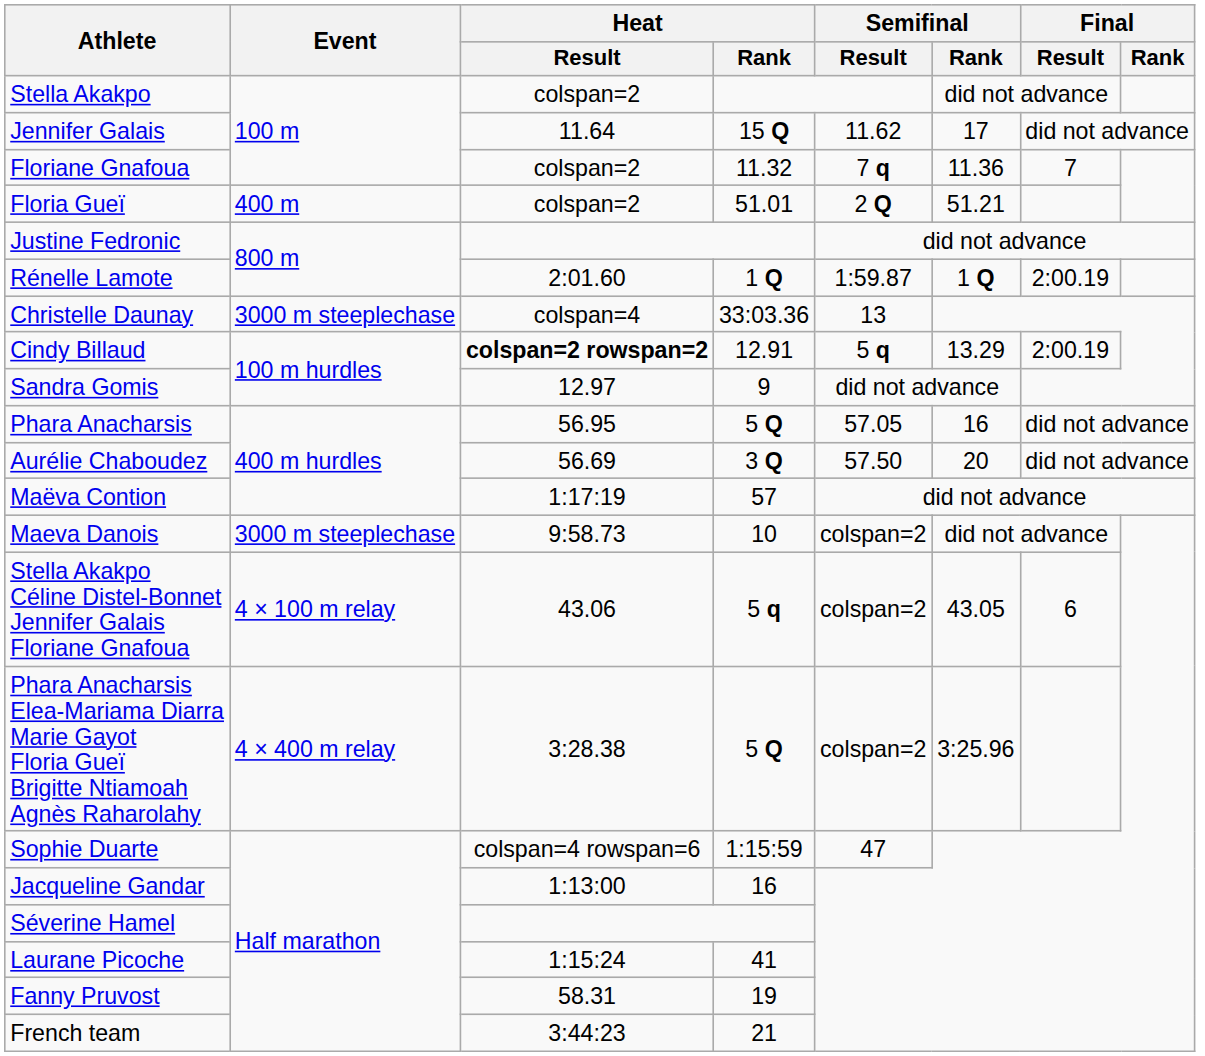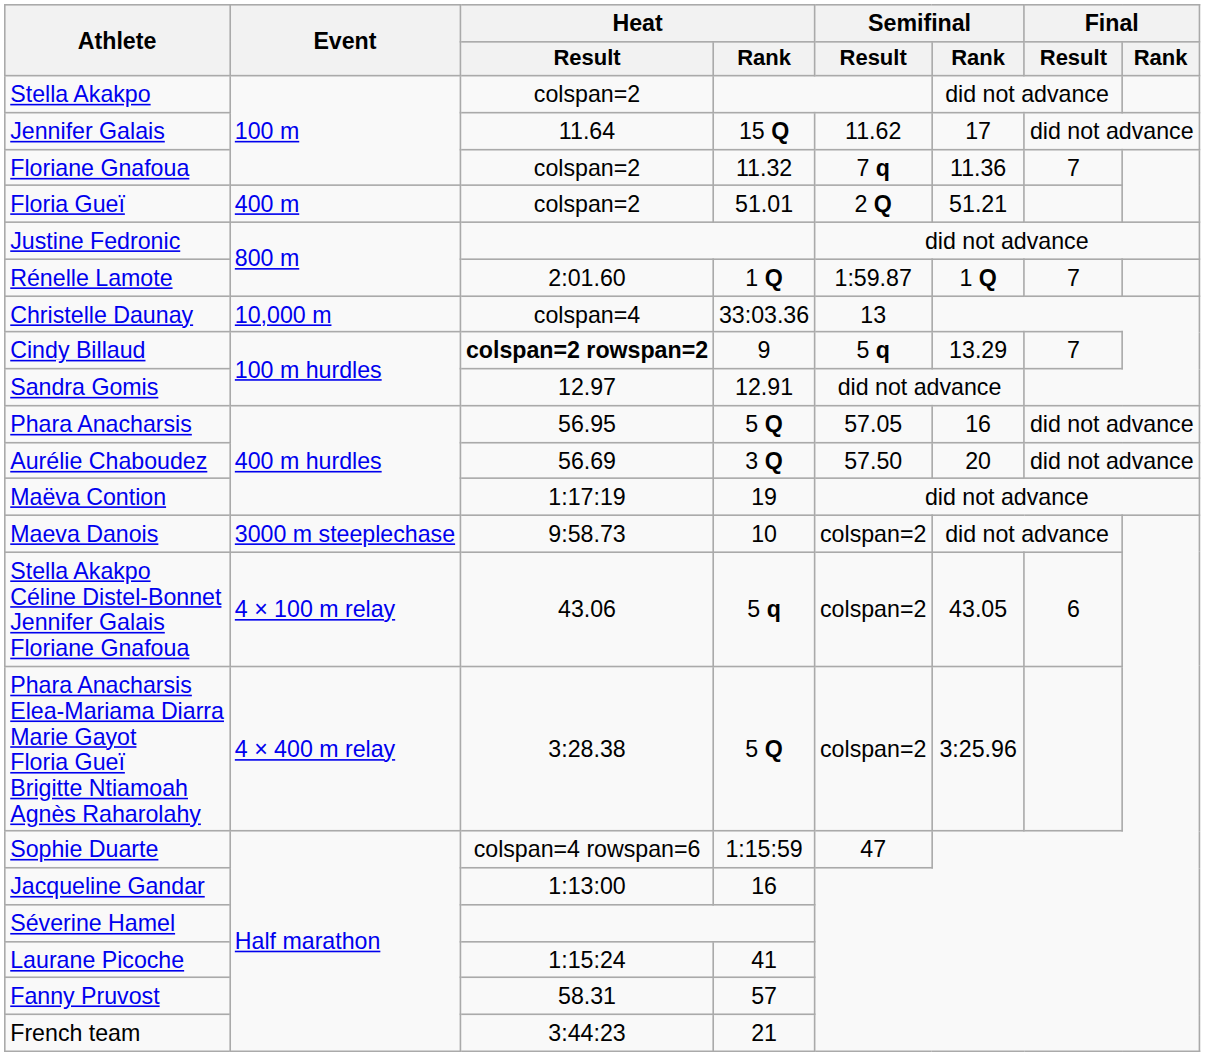 <table class="wikitable" style="font-size:90%">
 <tr>
 <th rowspan=2>Athlete</th>
 <th rowspan=2>Event</th>
 <th colspan=2>Heat</th>
 <th colspan=2>Semifinal</th>
 <th colspan=2>Final</th>
 </tr>
 <tr style="font-size:95%">
 <th>Result</th>
 <th>Rank</th>
 <th>Result</th>
 <th>Rank</th>
 <th>Result</th>
 <th>Rank</th>
 </tr>
 <tr align=center>
 <td align=left><a href='#'>Stella Akakpo</a></td>
 <td style="text-align:left;" rowspan=3><a href='#'>100 m</a></td>
 <td>colspan=2 </td>
 <td colspan=2></td>
 <td colspan=2>did not advance</td>
 </tr>
 <tr align=center>
 <td align=left><a href='#'>Jennifer Galais</a></td>
 <td>11.64</td>
 <td>15 <strong>Q</strong></td>
 <td>11.62</td>
 <td>17</td>
 <td colspan=2>did not advance</td>
 </tr>
 <tr align=center>
 <td align=left><a href='#'>Floriane Gnafoua</a></td>
 <td>colspan=2 </td>
 <td>11.32</td>
 <td>7 <strong>q</strong></td>
 <td>11.36</td>
 <td>7</td>
 </tr>
 <tr align=center>
 <td align=left><a href='#'>Floria Gueï</a></td>
 <td style="text-align:left;"><a href='#'>400 m</a></td>
 <td>colspan=2 </td>
 <td>51.01</td>
 <td>2 <strong>Q</strong></td>
 <td>51.21</td>
 <td></td>
 </tr>
 <tr align=center>
 <td align=left><a href='#'>Justine Fedronic</a></td>
 <td style="text-align:left;" rowspan=2><a href='#'>800 m</a></td>
 <td colspan=2></td>
 <td colspan=4>did not advance</td>
 </tr>
 <tr align=center>
 <td align=left><a href='#'>Rénelle Lamote</a></td>
 <td>2:01.60</td>
 <td>1 <strong>Q</strong></td>
 <td>1:59.87</td>
 <td>1 <strong>Q</strong></td>
-<td>2:00.19</td>
+<td>7</td>
 <td></td>
 </tr>
 <tr align=center>
 <td align=left><a href='#'>Christelle Daunay</a></td>
-<td style="text-align:left;"><a href='#'>3000 m steeplechase</a></td>
+<td style="text-align:left;"><a href='#'>10,000 m</a></td>
 <td>colspan=4 </td>
 <td>33:03.36</td>
 <td>13</td>
 </tr>
 <tr align=center>
 <td align=left><a href='#'>Cindy Billaud</a></td>
 <td style="text-align:left;" rowspan=2><a href='#'>100 m hurdles</a></td>
 <td><strong>colspan=2 rowspan=2 </strong></td>
-<td>12.91</td>
+<td>9</td>
 <td>5 <strong>q</strong></td>
 <td>13.29</td>
-<td>2:00.19</td>
+<td>7</td>
 </tr>
 <tr align=center>
 <td align=left><a href='#'>Sandra Gomis</a></td>
 <td>12.97</td>
-<td>9</td>
+<td>12.91</td>
 <td colspan=2>did not advance</td>
 </tr>
 <tr align=center>
 <td align=left><a href='#'>Phara Anacharsis</a></td>
 <td style="text-align:left;" rowspan=3><a href='#'>400 m hurdles</a></td>
 <td>56.95</td>
 <td>5 <strong>Q</strong></td>
 <td>57.05</td>
 <td>16</td>
 <td colspan=2>did not advance</td>
 </tr>
 <tr align=center>
 <td align=left><a href='#'>Aurélie Chaboudez</a></td>
 <td>56.69</td>
 <td>3 <strong>Q</strong></td>
 <td>57.50</td>
 <td>20</td>
 <td colspan=2>did not advance</td>
 </tr>
 <tr align=center>
 <td align=left><a href='#'>Maëva Contion</a></td>
 <td>1:17:19</td>
-<td>57</td>
+<td>19</td>
 <td colspan=4>did not advance</td>
 </tr>
 <tr align=center>
 <td align=left><a href='#'>Maeva Danois</a></td>
 <td style="text-align:left;"><a href='#'>3000 m steeplechase</a></td>
 <td>9:58.73</td>
 <td>10</td>
 <td>colspan=2 </td>
 <td colspan=2>did not advance</td>
 </tr>
 <tr align=center>
 <td align=left><a href='#'>Stella Akakpo</a><br><a href='#'>Céline Distel-Bonnet</a><br><a href='#'>Jennifer Galais</a><br><a href='#'>Floriane Gnafoua</a></td>
 <td style="text-align:left;"><a href='#'>4 × 100 m relay</a></td>
 <td>43.06 <strong></strong></td>
 <td>5 <strong>q</strong></td>
 <td>colspan=2 </td>
 <td>43.05 <strong></strong></td>
 <td>6</td>
 </tr>
 <tr align=center>
 <td align=left><a href='#'>Phara Anacharsis</a> <br><a href='#'>Elea-Mariama Diarra</a> <br><a href='#'>Marie Gayot</a><br><a href='#'>Floria Gueï</a> <br><a href='#'>Brigitte Ntiamoah</a><br><a href='#'>Agnès Raharolahy</a> </td>
 <td style="text-align:left;"><a href='#'>4 × 400 m relay</a></td>
 <td>3:28.38 <strong></strong></td>
 <td>5 <strong>Q</strong></td>
 <td>colspan=2 </td>
 <td>3:25.96 <strong></strong></td>
 <td></td>
 </tr>
 <tr align=center>
 <td align=left><a href='#'>Sophie Duarte</a></td>
 <td style="text-align:left;" rowspan=6><a href='#'>Half marathon</a></td>
 <td>colspan=4 rowspan=6 </td>
 <td>1:15:59</td>
 <td>47</td>
 </tr>
 <tr align=center>
 <td align=left><a href='#'>Jacqueline Gandar</a></td>
 <td>1:13:00</td>
 <td>16</td>
 </tr>
 <tr align=center>
 <td align=left><a href='#'>Séverine Hamel</a></td>
 <td colspan=2></td>
 </tr>
 <tr align=center>
 <td align=left><a href='#'>Laurane Picoche</a></td>
 <td>1:15:24</td>
 <td>41</td>
 </tr>
 <tr align=center>
 <td align=left><a href='#'>Fanny Pruvost</a></td>
 <td>58.31</td>
-<td>19</td>
+<td>57</td>
 </tr>
 <tr align=center>
 <td align=left>French team</td>
 <td>3:44:23</td>
 <td>21</td>
 </tr>
 </table>
